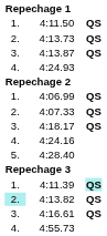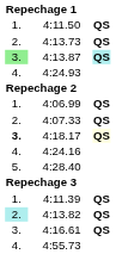 <table style="text-align:center">
 <tr>
 <td colspan=4 align=left><strong>Repechage 1</strong></td>
 </tr>
 <tr>
 <td width=30>1.</td>
 <td align=left></td>
 <td width=80>4:11.50</td>
 <td><strong>QS</strong></td>
 </tr>
 <tr>
 <td>2.</td>
 <td align=left></td>
 <td>4:13.73</td>
 <td><strong>QS</strong></td>
 </tr>
 <tr>
-<td>3.</td>
+<td style="background: lightgreen;">3.</td>
 <td align=left></td>
 <td>4:13.87</td>
-<td><strong>QS</strong></td>
+<td style="background: paleturquoise;"><strong>QS</strong></td>
 </tr>
 <tr>
 <td>4.</td>
 <td align=left></td>
 <td>4:24.93</td>
 <td></td>
 </tr>
 <tr>
 <td colspan=4 align=left><strong>Repechage 2</strong></td>
 </tr>
 <tr>
 <td>1.</td>
 <td align=left></td>
 <td>4:06.99</td>
 <td><strong>QS</strong></td>
 </tr>
 <tr>
 <td>2.</td>
 <td align=left></td>
 <td>4:07.33</td>
 <td><strong>QS</strong></td>
 </tr>
 <tr>
-<td>3.</td>
+<td><strong>3.</strong></td>
 <td align=left></td>
 <td>4:18.17</td>
-<td><strong>QS</strong></td>
+<td style="background: lightyellow;"><strong>QS</strong></td>
 </tr>
 <tr>
 <td>4.</td>
 <td align=left></td>
 <td>4:24.16</td>
 <td></td>
 </tr>
 <tr>
 <td>5.</td>
 <td align=left></td>
 <td>4:28.40</td>
 <td></td>
 </tr>
 <tr>
 <td colspan=4 align=left><strong>Repechage 3</strong></td>
 </tr>
 <tr>
 <td>1.</td>
 <td align=left></td>
 <td>4:11.39</td>
-<td style="background: paleturquoise;"><strong>QS</strong></td>
+<td><strong>QS</strong></td>
 </tr>
 <tr>
 <td style="background: paleturquoise;">2.</td>
 <td align=left></td>
 <td>4:13.82</td>
 <td><strong>QS</strong></td>
 </tr>
 <tr>
 <td>3.</td>
 <td align=left></td>
 <td>4:16.61</td>
 <td><strong>QS</strong></td>
 </tr>
 <tr>
 <td>4.</td>
 <td align=left></td>
 <td>4:55.73</td>
 <td></td>
 </tr>
 </table>
